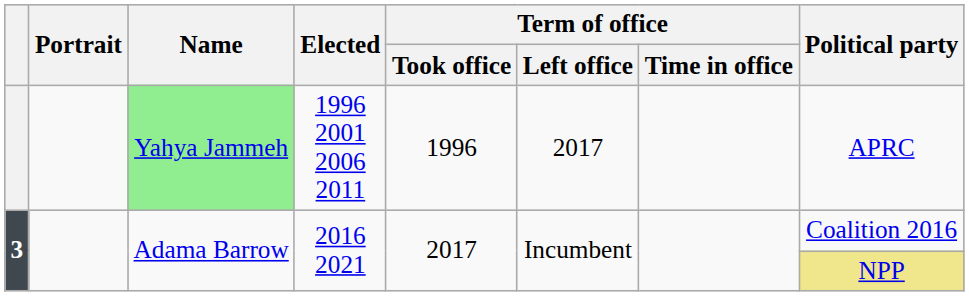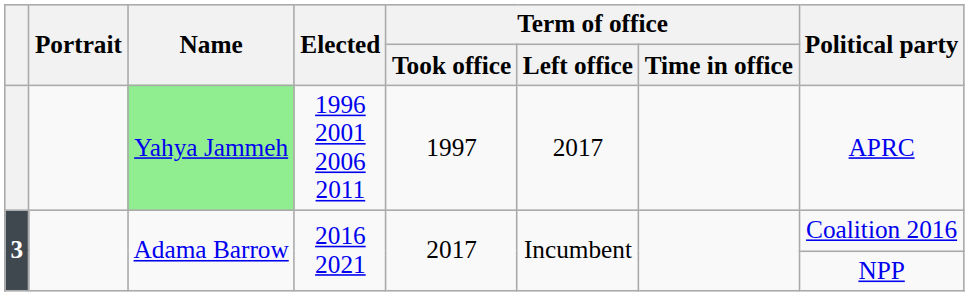 <table class="wikitable" style="text-align:center">
 <tr>
 <th rowspan="2"></th>
 <th rowspan="2">Portrait</th>
 <th rowspan="2">Name<br></th>
 <th rowspan="2">Elected</th>
 <th colspan="3">Term of office</th>
 <th rowspan="2">Political party</th>
 </tr>
 <tr>
 <th>Took office</th>
 <th>Left office</th>
 <th>Time in office</th>
 </tr>
 <tr>
 <th style="background:"></th>
 <td></td>
 <td style="background: lightgreen;"><a href='#'>Yahya Jammeh</a><br></td>
 <td><a href='#'>1996</a><br><a href='#'>2001</a><br><a href='#'>2006</a><br><a href='#'>2011</a></td>
-<td> 1996</td>
+<td> 1997</td>
 <td> 2017</td>
 <td></td>
 <td><a href='#'>APRC</a></td>
 </tr>
 <tr>
 <th rowspan=2 style="background:#40484F; color:white;">3</th>
 <td rowspan=2></td>
 <td rowspan=2><a href='#'>Adama Barrow</a><br></td>
 <td rowspan=2><a href='#'>2016</a><br><a href='#'>2021</a></td>
 <td rowspan=2> 2017</td>
 <td rowspan=2>Incumbent</td>
 <td rowspan=2></td>
 <td><a href='#'>Coalition 2016</a><br></td>
 </tr>
 <tr>
-<td style="background: khaki;"><a href='#'>NPP</a></td>
+<td><a href='#'>NPP</a></td>
 </tr>
 </table>
